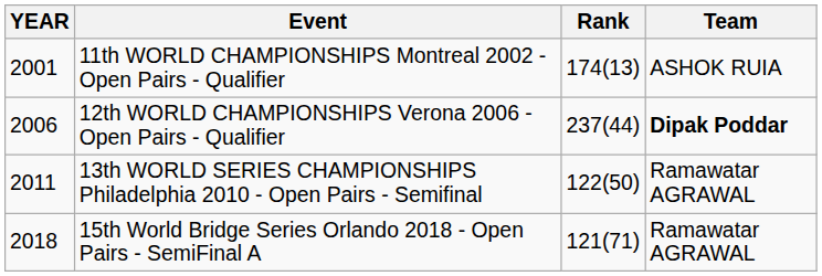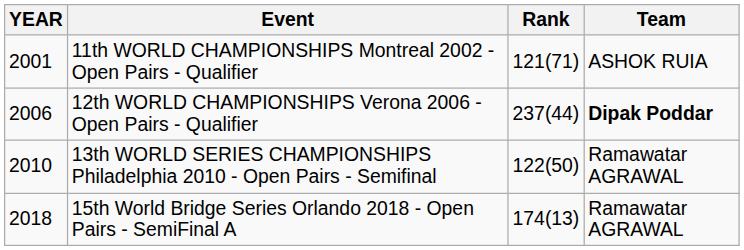 <table class="wikitable">
 <tr>
 <th>YEAR</th>
 <th>Event</th>
 <th>Rank</th>
 <th>Team</th>
 </tr>
 <tr>
 <td>2001</td>
 <td>11th WORLD CHAMPIONSHIPS Montreal 2002 - Open Pairs - Qualifier</td>
-<td>174(13)</td>
+<td>121(71)</td>
 <td>ASHOK RUIA</td>
 </tr>
 <tr>
 <td>2006</td>
 <td>12th WORLD CHAMPIONSHIPS Verona 2006 - Open Pairs - Qualifier</td>
 <td>237(44)</td>
 <td><strong>Dipak Poddar</strong></td>
 </tr>
 <tr>
-<td>2011</td>
+<td>2010</td>
 <td>13th WORLD SERIES CHAMPIONSHIPS Philadelphia 2010 - Open Pairs - Semifinal</td>
 <td>122(50)</td>
 <td>Ramawatar AGRAWAL</td>
 </tr>
 <tr>
 <td>2018</td>
 <td>15th World Bridge Series Orlando 2018 - Open Pairs - SemiFinal A</td>
-<td>121(71)</td>
+<td>174(13)</td>
 <td>Ramawatar AGRAWAL</td>
 </tr>
 </table>
